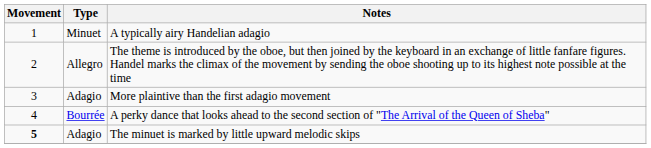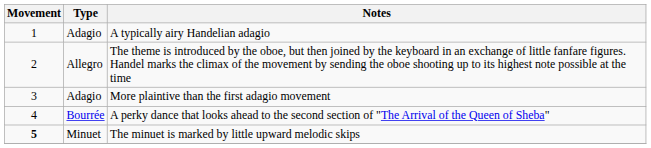 <table class="wikitable" border="1">
 <tr>
 <th bgcolor=ececec>Movement</th>
 <th bgcolor=ececec>Type</th>
 <th bgcolor=ececec>Notes</th>
 </tr>
 <tr>
 <td align=center>1</td>
-<td>Minuet</td>
+<td>Adagio</td>
 <td>A typically airy Handelian adagio</td>
 </tr>
 <tr>
 <td align=center>2</td>
 <td>Allegro</td>
 <td>The theme is introduced by the oboe, but then joined by the keyboard in an exchange of little fanfare figures. Handel marks the climax of the movement by sending the oboe shooting up to its highest note possible at the time</td>
 </tr>
 <tr>
 <td align=center>3</td>
 <td>Adagio</td>
 <td>More plaintive than the first adagio movement</td>
 </tr>
 <tr>
 <td align=center>4</td>
 <td><a href='#'>Bourrée</a></td>
 <td>A perky dance that looks ahead to the second section of "<a href='#'>The Arrival of the Queen of Sheba</a>"</td>
 </tr>
 <tr>
 <td align=center><strong>5</strong></td>
-<td>Adagio</td>
+<td>Minuet</td>
 <td>The minuet is marked by little upward melodic skips</td>
 </tr>
 <tr>
 </tr>
 </table>
